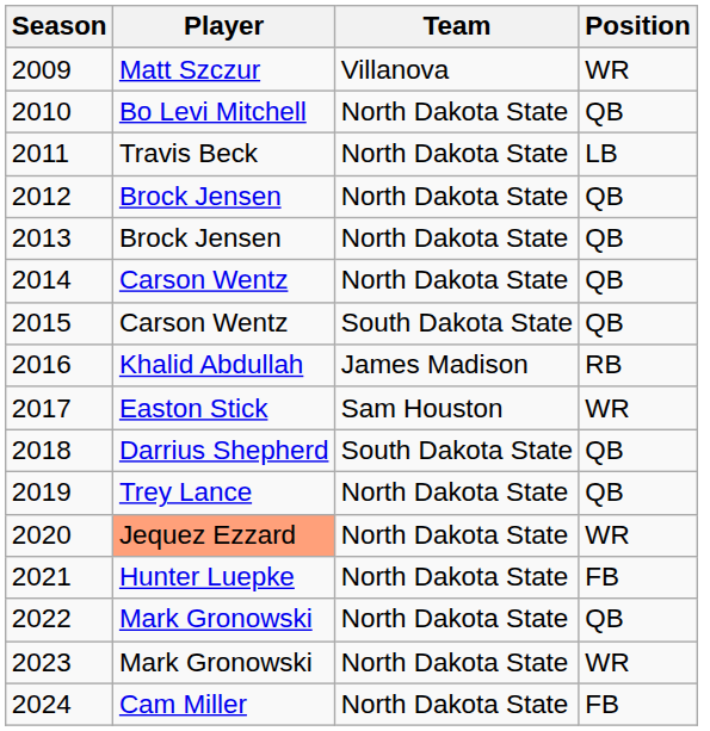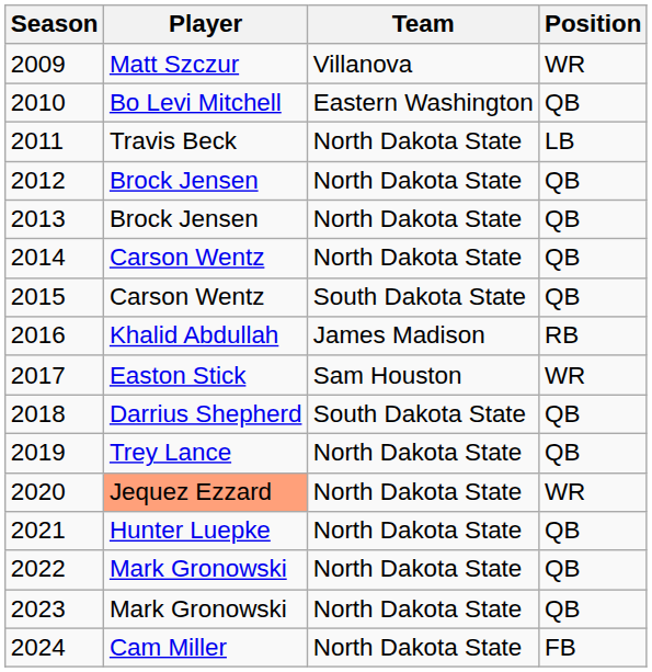 <table class="wikitable">
 <tr>
 <th width=px>Season</th>
 <th width=px>Player</th>
 <th width=px>Team</th>
 <th width=px>Position</th>
 </tr>
 <tr>
 <td>2009</td>
 <td><a href='#'>Matt Szczur</a></td>
 <td>Villanova</td>
 <td>WR</td>
 </tr>
 <tr>
 <td>2010</td>
 <td><a href='#'>Bo Levi Mitchell</a></td>
-<td>North Dakota State</td>
+<td>Eastern Washington</td>
 <td>QB</td>
 </tr>
 <tr>
 <td>2011</td>
 <td>Travis Beck</td>
 <td>North Dakota State</td>
 <td>LB</td>
 </tr>
 <tr>
 <td>2012</td>
 <td><a href='#'>Brock Jensen</a></td>
 <td>North Dakota State</td>
 <td>QB</td>
 </tr>
 <tr>
 <td>2013</td>
 <td>Brock Jensen</td>
 <td>North Dakota State</td>
 <td>QB</td>
 </tr>
 <tr>
 <td>2014</td>
 <td><a href='#'>Carson Wentz</a></td>
 <td>North Dakota State</td>
 <td>QB</td>
 </tr>
 <tr>
 <td>2015</td>
 <td>Carson Wentz</td>
 <td>South Dakota State</td>
 <td>QB</td>
 </tr>
 <tr>
 <td>2016</td>
 <td><a href='#'>Khalid Abdullah</a></td>
 <td>James Madison</td>
 <td>RB</td>
 </tr>
 <tr>
 <td>2017</td>
 <td><a href='#'>Easton Stick</a></td>
 <td>Sam Houston</td>
 <td>WR</td>
 </tr>
 <tr>
 <td>2018</td>
 <td><a href='#'>Darrius Shepherd</a></td>
 <td>South Dakota State</td>
 <td>QB</td>
 </tr>
 <tr>
 <td>2019</td>
 <td><a href='#'>Trey Lance</a></td>
 <td>North Dakota State</td>
 <td>QB</td>
 </tr>
 <tr>
 <td>2020</td>
 <td style="background: lightsalmon;">Jequez Ezzard</td>
 <td>North Dakota State</td>
 <td>WR</td>
 </tr>
 <tr>
 <td>2021</td>
 <td><a href='#'>Hunter Luepke</a></td>
 <td>North Dakota State</td>
-<td>FB</td>
+<td>QB</td>
 </tr>
 <tr>
 <td>2022</td>
 <td><a href='#'>Mark Gronowski</a></td>
 <td>North Dakota State</td>
 <td>QB</td>
 </tr>
 <tr>
 <td>2023</td>
 <td>Mark Gronowski</td>
 <td>North Dakota State</td>
-<td>WR</td>
+<td>QB</td>
 </tr>
 <tr>
 <td>2024</td>
 <td><a href='#'>Cam Miller</a></td>
 <td>North Dakota State</td>
 <td>FB</td>
 </tr>
 </table>
